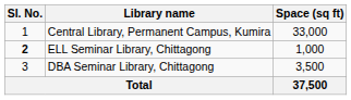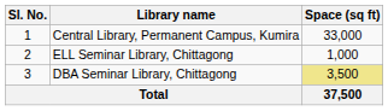 <table class="wikitable" style="text-align:center">
 <tr>
 <th>Sl. No.</th>
 <th>Library name</th>
 <th>Space (sq ft)</th>
 </tr>
 <tr>
 <td>1</td>
 <td style="text-align:left">Central Library, Permanent Campus, Kumira</td>
 <td>33,000</td>
 </tr>
 <tr>
-<td><strong>2</strong></td>
+<td>2</td>
 <td style="text-align:left">ELL Seminar Library, Chittagong</td>
 <td>1,000</td>
 </tr>
 <tr>
 <td>3</td>
 <td style="text-align:left">DBA Seminar Library, Chittagong</td>
-<td>3,500</td>
+<td style="background: khaki;">3,500</td>
 </tr>
 <tr>
 <th colspan=2>Total</th>
 <th>37,500</th>
 </tr>
 </table>
